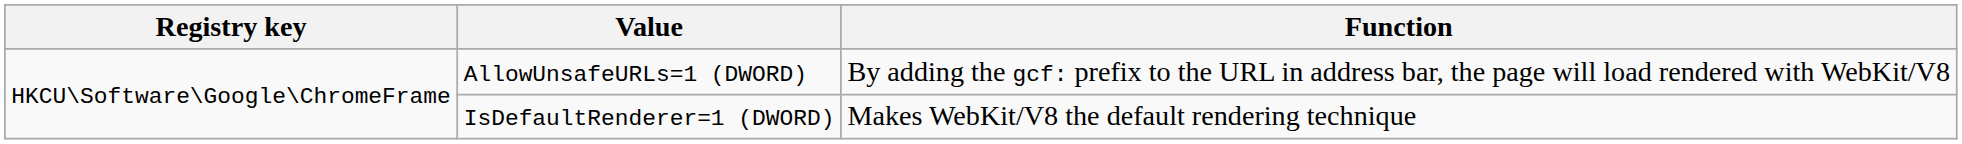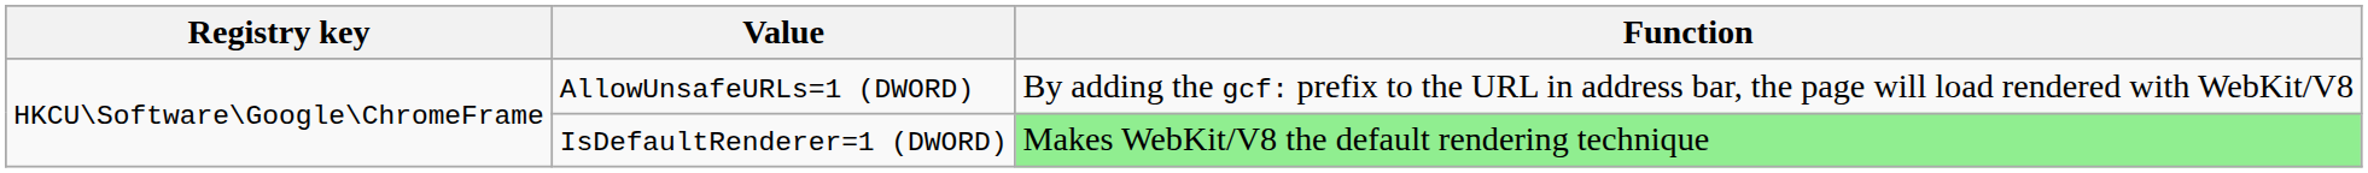 <table class="wikitable">
 <tr>
 <th>Registry key</th>
 <th>Value</th>
 <th>Function</th>
 </tr>
 <tr>
 <td rowspan=2><code>HKCU\Software\Google\ChromeFrame</code></td>
 <td><code>AllowUnsafeURLs=1 (DWORD)</code></td>
 <td>By adding the <code>gcf:</code> prefix to the URL in address bar, the page will load rendered with WebKit/V8</td>
 </tr>
 <tr>
 <td><code>IsDefaultRenderer=1 (DWORD)</code></td>
-<td>Makes WebKit/V8 the default rendering technique</td>
+<td style="background: lightgreen;">Makes WebKit/V8 the default rendering technique</td>
 </tr>
 </table>
